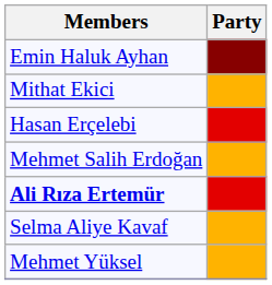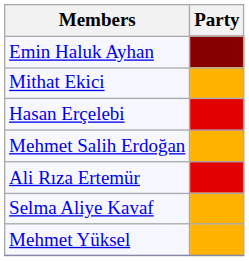 <table class=wikitable style="border:1px solid #8888aa; background-color:#f7f8ff; padding:0px; font-size:90%;">
 <tr>
 <th>Members</th>
 <th colspan="2">Party</th>
 </tr>
 <tr>
 <td><a href='#'>Emin Haluk Ayhan</a></td>
 <td style="background: #870000"></td>
 </tr>
 <tr>
 <td><a href='#'>Mithat Ekici</a></td>
 <td style="background: #ffb300"></td>
 </tr>
 <tr>
 <td><a href='#'>Hasan Erçelebi</a></td>
 <td style="background: #e30000"></td>
 </tr>
 <tr>
 <td><a href='#'>Mehmet Salih Erdoğan</a></td>
 <td style="background: #ffb300"></td>
 </tr>
 <tr>
-<td><strong><a href='#'>Ali Rıza Ertemür</a></strong></td>
+<td><a href='#'>Ali Rıza Ertemür</a></td>
 <td style="background: #e30000"></td>
 </tr>
 <tr>
 <td><a href='#'>Selma Aliye Kavaf</a></td>
 <td style="background: #ffb300"></td>
 </tr>
 <tr>
 <td><a href='#'>Mehmet Yüksel</a></td>
 <td style="background: #ffb300"></td>
 </tr>
 <tr>
 </tr>
 </table>
